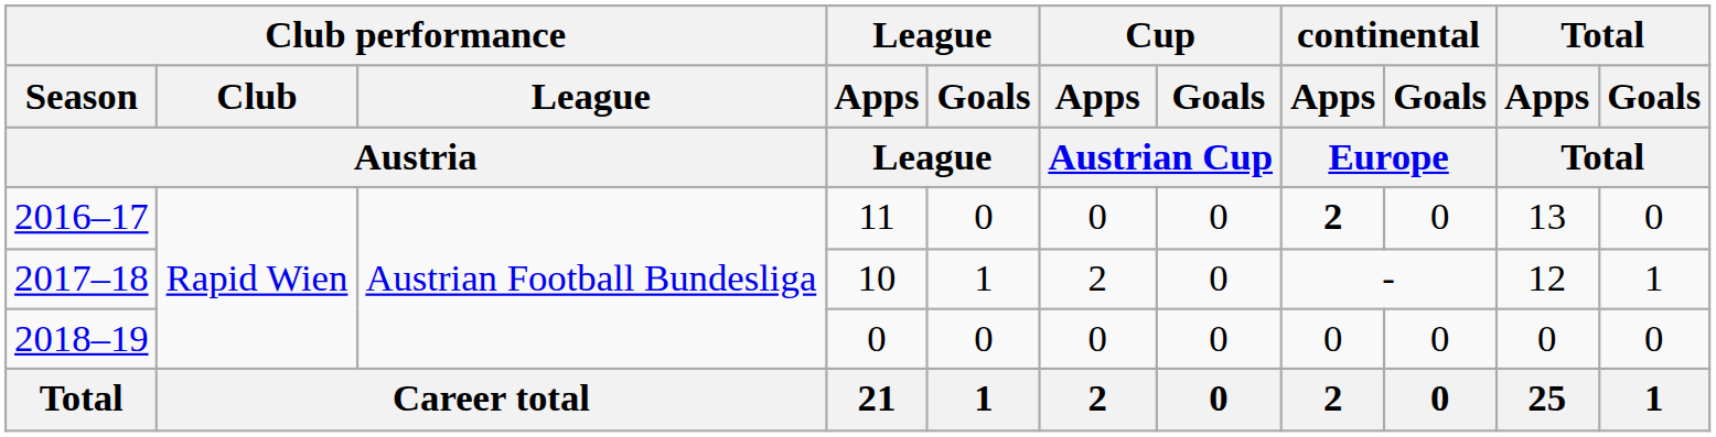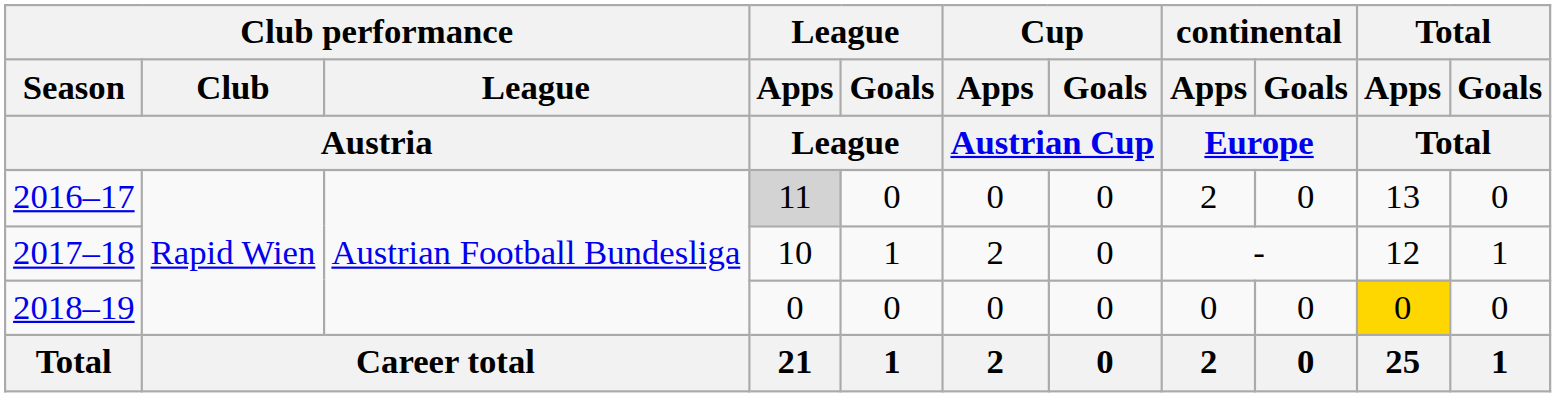 <table class="wikitable" style="text-align:center">
 <tr>
 <th colspan=3>Club performance</th>
 <th colspan=2>League</th>
 <th colspan=2>Cup</th>
 <th colspan=2>continental</th>
 <th colspan=2>Total</th>
 </tr>
 <tr>
 <th>Season</th>
 <th>Club</th>
 <th>League</th>
 <th>Apps</th>
 <th>Goals</th>
 <th>Apps</th>
 <th>Goals</th>
 <th>Apps</th>
 <th>Goals</th>
 <th>Apps</th>
 <th>Goals</th>
 </tr>
 <tr>
 <th colspan=3>Austria</th>
 <th colspan=2>League</th>
 <th colspan=2><a href='#'>Austrian Cup</a></th>
 <th colspan=2><a href='#'>Europe</a></th>
 <th colspan=2>Total</th>
 </tr>
 <tr>
 <td><a href='#'>2016–17</a></td>
 <td rowspan=3><a href='#'>Rapid Wien</a></td>
 <td rowspan=3><a href='#'>Austrian Football Bundesliga</a></td>
-<td>11</td>
+<td style="background: lightgrey;">11</td>
 <td>0</td>
 <td>0</td>
 <td>0</td>
-<td><strong>2</strong></td>
+<td>2</td>
 <td>0</td>
 <td>13</td>
 <td>0</td>
 </tr>
 <tr>
 <td><a href='#'>2017–18</a></td>
 <td>10</td>
 <td>1</td>
 <td>2</td>
 <td>0</td>
 <td colspan=2>-</td>
 <td>12</td>
 <td>1</td>
 </tr>
 <tr>
 <td><a href='#'>2018–19</a></td>
 <td>0</td>
 <td>0</td>
 <td>0</td>
 <td>0</td>
 <td>0</td>
 <td>0</td>
-<td>0</td>
+<td style="background: gold;">0</td>
 <td>0</td>
 </tr>
 <tr>
 <th>Total</th>
 <th colspan=2>Career total</th>
 <th>21</th>
 <th>1</th>
 <th>2</th>
 <th>0</th>
 <th>2</th>
 <th>0</th>
 <th>25</th>
 <th>1</th>
 </tr>
 </table>
